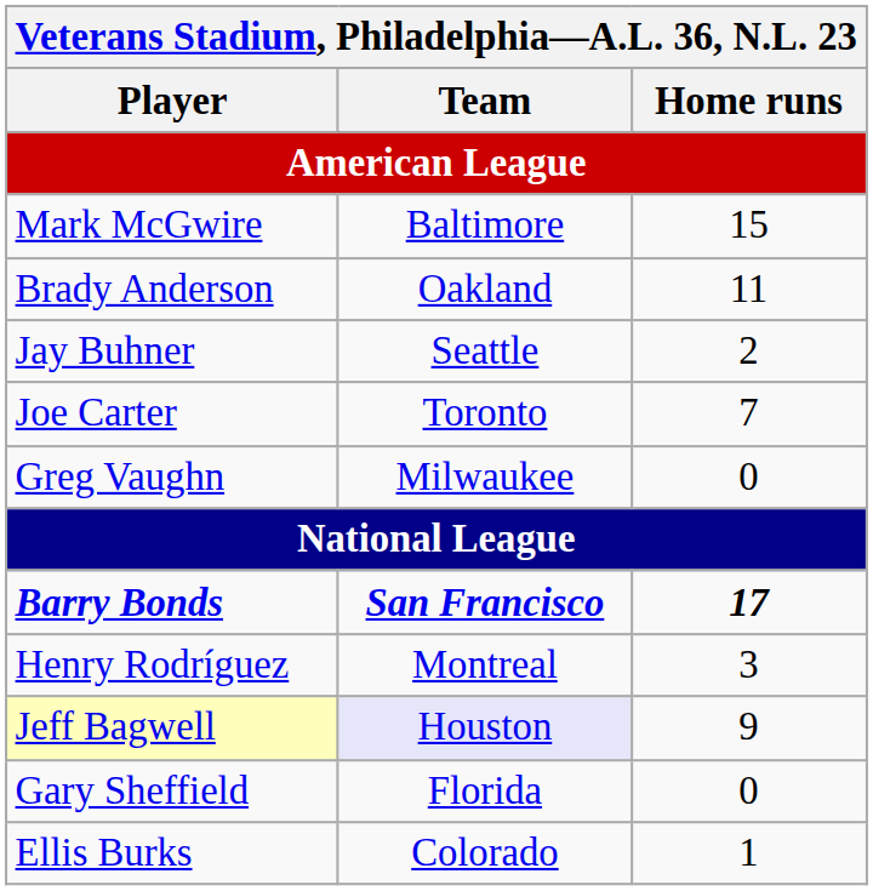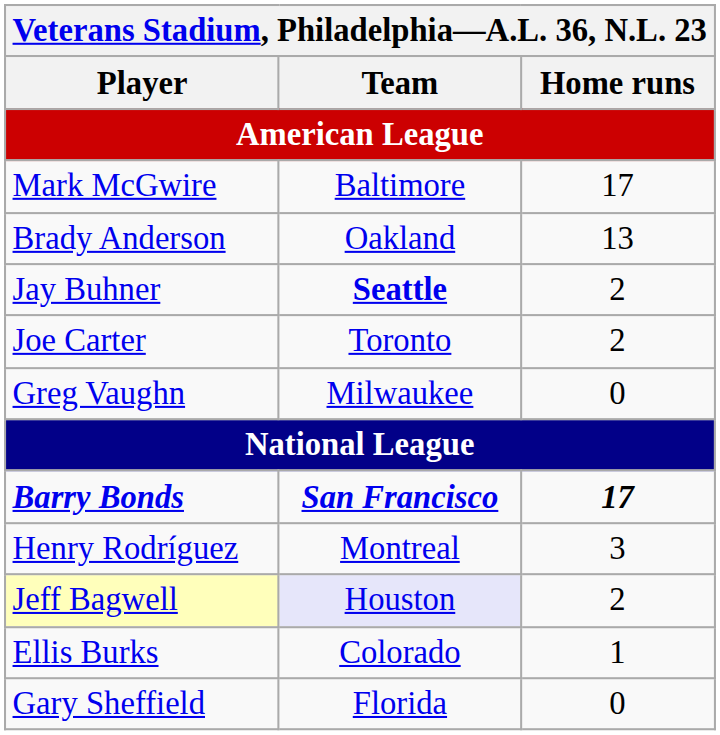 <table class="wikitable" style="text-align:right;">
 <tr>
 <th colspan="3"><a href='#'>Veterans Stadium</a>, Philadelphia—A.L. 36, N.L. 23</th>
 </tr>
 <tr>
 <th>Player</th>
 <th>Team</th>
 <th>Home runs</th>
 </tr>
 <tr>
 <th colspan="3" style="text-align:center; background:#CC0001; color:#FFFFFF;">American League</th>
 </tr>
 <tr>
 <td align="left"><a href='#'>Mark McGwire</a></td>
 <td style="text-align:center;"><a href='#'>Baltimore</a></td>
-<td style="text-align:center;">15</td>
+<td style="text-align:center;">17</td>
 </tr>
 <tr>
 <td align="left"><a href='#'>Brady Anderson</a></td>
 <td style="text-align:center;"><a href='#'>Oakland</a></td>
-<td style="text-align:center;">11</td>
+<td style="text-align:center;">13</td>
 </tr>
 <tr>
 <td align="left"><a href='#'>Jay Buhner</a></td>
-<td style="text-align:center;"><a href='#'>Seattle</a></td>
+<td style="text-align:center;"><strong><a href='#'>Seattle</a></strong></td>
 <td style="text-align:center;">2</td>
 </tr>
 <tr>
 <td align="left"><a href='#'>Joe Carter</a></td>
 <td style="text-align:center;"><a href='#'>Toronto</a></td>
-<td style="text-align:center;">7</td>
+<td style="text-align:center;">2</td>
 </tr>
 <tr>
 <td align="left"><a href='#'>Greg Vaughn</a></td>
 <td style="text-align:center;"><a href='#'>Milwaukee</a></td>
 <td style="text-align:center;">0</td>
 </tr>
 <tr>
 <th colspan="3" style="text-align:center; background:#020088; color:#FFFFFF;">National League</th>
 </tr>
 <tr>
 <td align="left"><strong><em><a href='#'>Barry Bonds</a></em></strong></td>
 <td style="text-align:center;"><strong><em><a href='#'>San Francisco</a></em></strong></td>
 <td style="text-align:center;"><strong><em>17</em></strong></td>
 </tr>
 <tr>
 <td align="left"><a href='#'>Henry Rodríguez</a></td>
 <td style="text-align:center;"><a href='#'>Montreal</a></td>
 <td style="text-align:center;">3</td>
 </tr>
 <tr>
 <td align="left" style="background:#ffb"><a href='#'>Jeff Bagwell</a></td>
 <td style="background: lavender; text-align:center;"><a href='#'>Houston</a></td>
-<td style="text-align:center;">9</td>
+<td style="text-align:center;">2</td>
+</tr>
+<tr>
+<td align="left"><a href='#'>Ellis Burks</a></td>
+<td style="text-align:center;"><a href='#'>Colorado</a></td>
+<td style="text-align:center;">1</td>
 </tr>
 <tr>
 <td align="left"><a href='#'>Gary Sheffield</a></td>
 <td style="text-align:center;"><a href='#'>Florida</a></td>
 <td style="text-align:center;">0</td>
 </tr>
-<tr>
-<td align="left"><a href='#'>Ellis Burks</a></td>
-<td style="text-align:center;"><a href='#'>Colorado</a></td>
-<td style="text-align:center;">1</td>
-</tr>
 </table>
